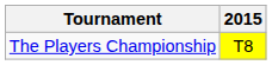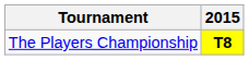 <table class="wikitable" style="font-size:95%;text-align:center;">
 <tr>
 <th>Tournament</th>
 <th>2015</th>
 </tr>
 <tr>
 <td align=left><a href='#'>The Players Championship</a></td>
-<td style="background:yellow;">T8</td>
+<td style="background:yellow;"><strong>T8</strong></td>
 </tr>
 </table>
